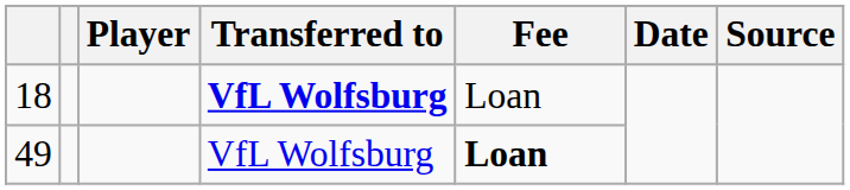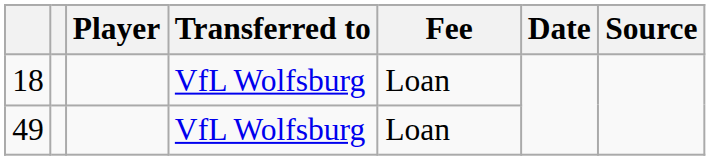 <table class="wikitable plainrowheaders sortable">
 <tr>
 <th></th>
 <th></th>
 <th scope=col>Player</th>
 <th>Transferred to</th>
 <th !scope=col; style="width: 65px;">Fee</th>
 <th scope=col>Date</th>
 <th scope=col>Source</th>
 </tr>
 <tr>
 <td align=center>18</td>
 <td align=center></td>
 <td></td>
-<td><strong> <a href='#'>VfL Wolfsburg</a></strong></td>
+<td> <a href='#'>VfL Wolfsburg</a></td>
 <td>Loan</td>
 <td rowspan=2></td>
 <td rowspan=2></td>
 </tr>
 <tr>
 <td align=center>49</td>
 <td align=center></td>
 <td></td>
 <td> <a href='#'>VfL Wolfsburg</a></td>
-<td><strong>Loan</strong></td>
+<td>Loan</td>
 </tr>
 </table>
